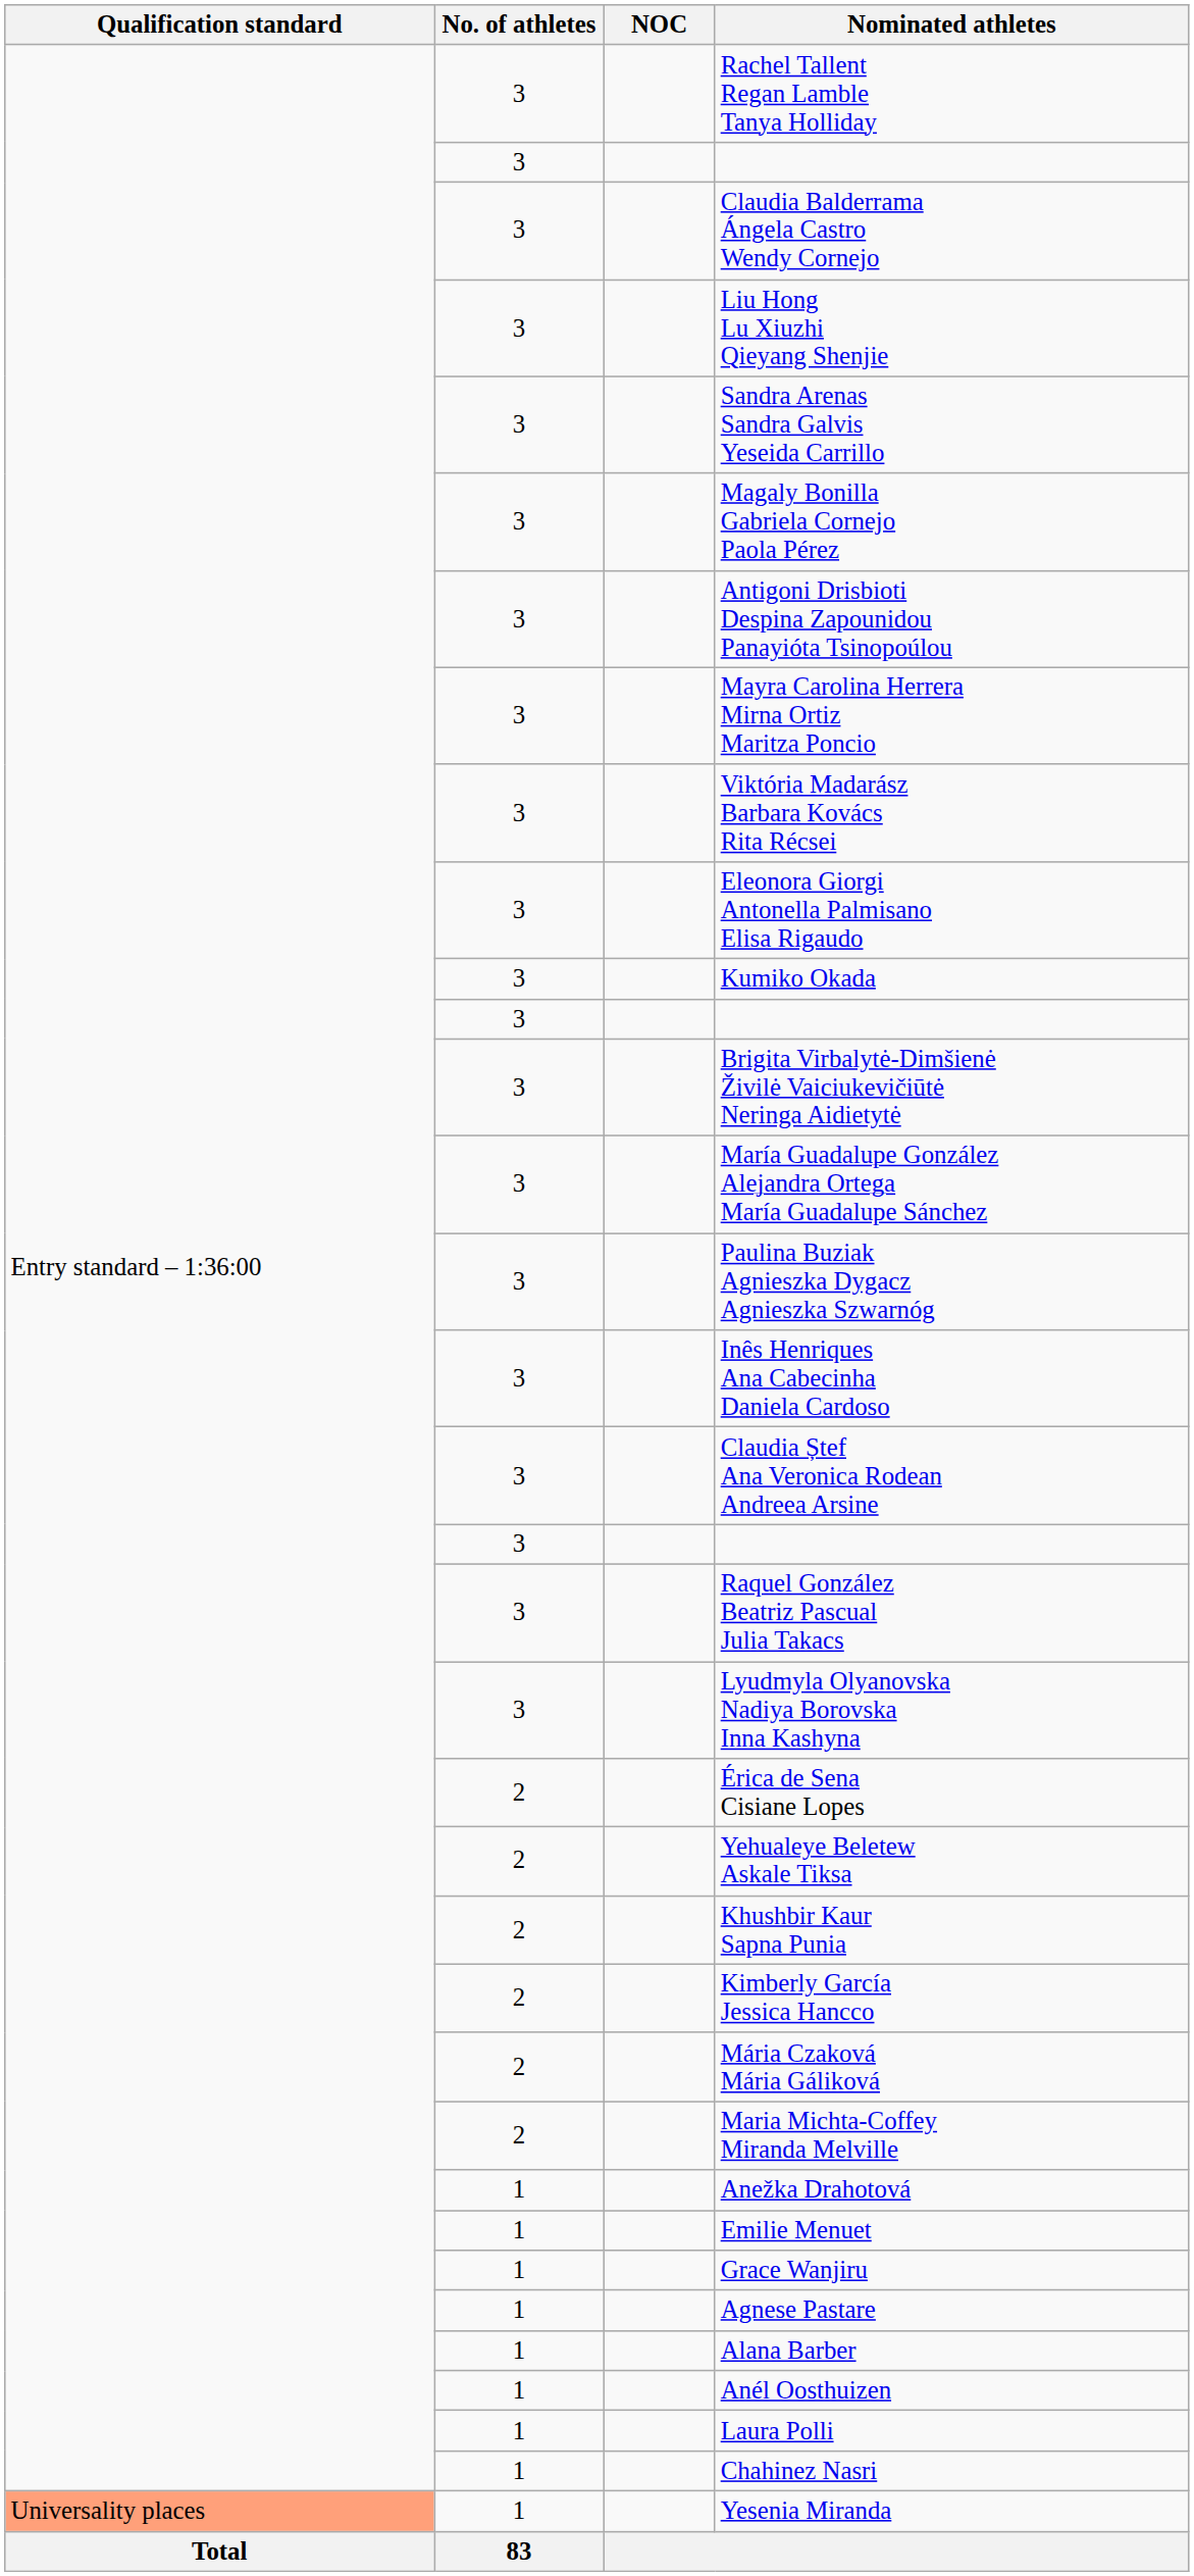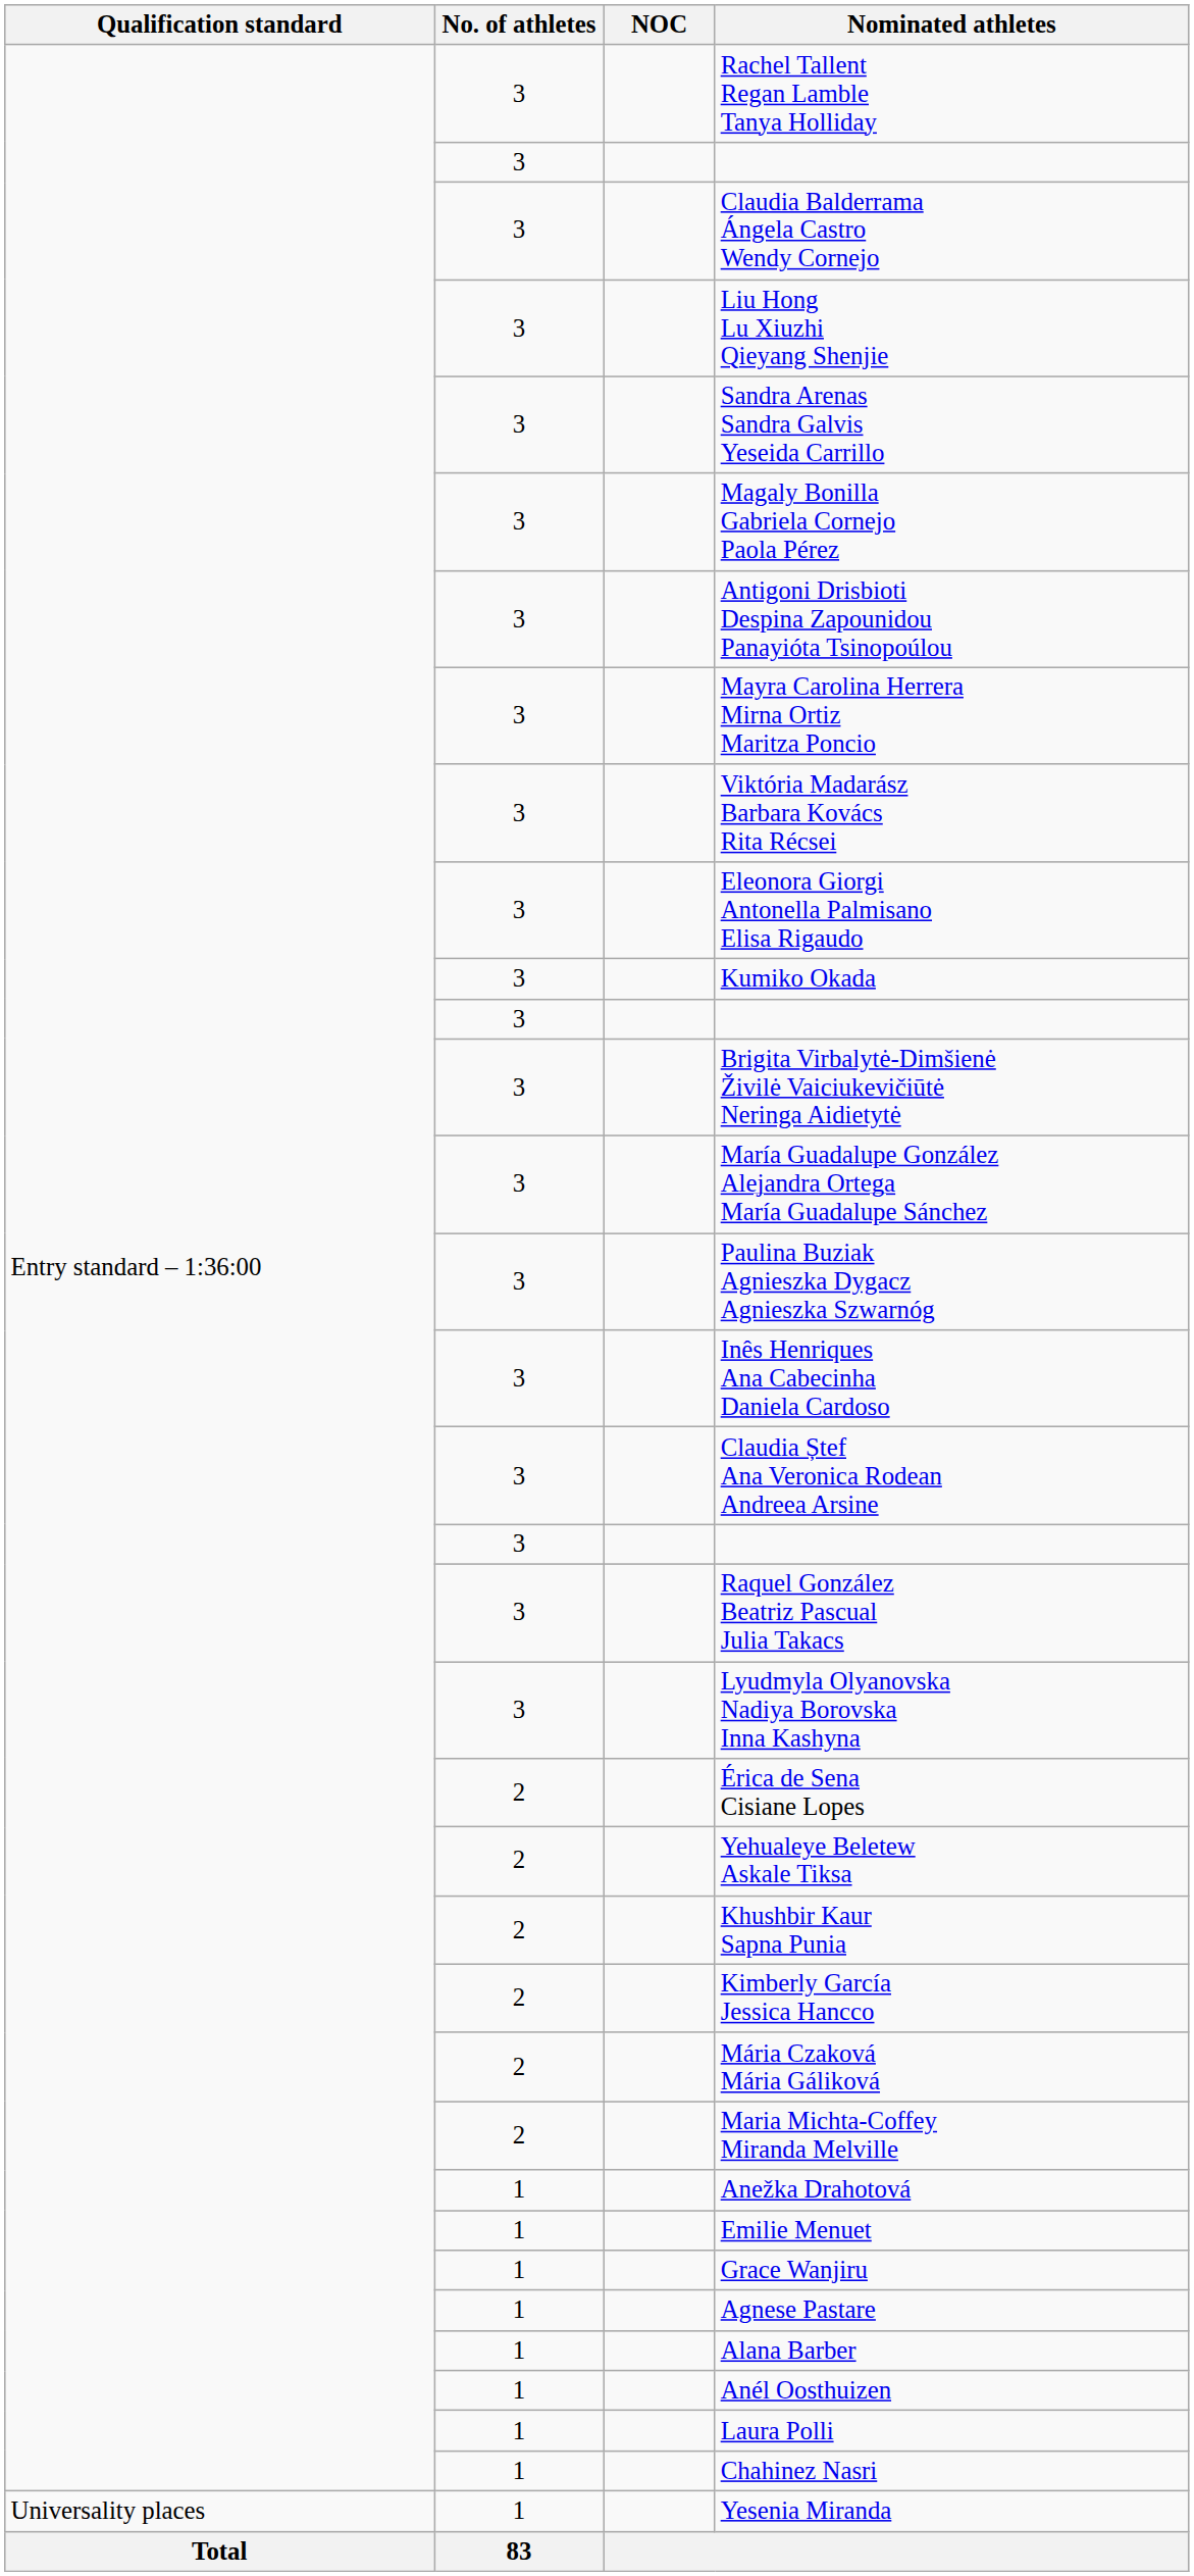 <table class="wikitable"  style="text-align:left; width:750px;">
 <tr>
 <th>Qualification standard</th>
 <th width=100>No. of athletes</th>
 <th>NOC</th>
 <th>Nominated athletes</th>
 </tr>
 <tr>
 <td rowspan=34>Entry standard – 1:36:00</td>
 <td style="text-align:center;">3</td>
 <td></td>
 <td><a href='#'>Rachel Tallent</a><br><a href='#'>Regan Lamble</a><br><a href='#'>Tanya Holliday</a></td>
 </tr>
 <tr>
 <td style="text-align:center;">3</td>
 <td></td>
 <td></td>
 </tr>
 <tr>
 <td style="text-align:center;">3</td>
 <td></td>
 <td><a href='#'>Claudia Balderrama</a><br><a href='#'>Ángela Castro</a><br><a href='#'>Wendy Cornejo</a></td>
 </tr>
 <tr>
 <td style="text-align:center;">3</td>
 <td></td>
 <td><a href='#'>Liu Hong</a><br><a href='#'>Lu Xiuzhi</a><br><a href='#'>Qieyang Shenjie</a></td>
 </tr>
 <tr>
 <td style="text-align:center;">3</td>
 <td></td>
 <td><a href='#'>Sandra Arenas</a><br><a href='#'>Sandra Galvis</a><br><a href='#'>Yeseida Carrillo</a></td>
 </tr>
 <tr>
 <td style="text-align:center;">3</td>
 <td></td>
 <td><a href='#'>Magaly Bonilla</a><br><a href='#'>Gabriela Cornejo</a><br><a href='#'>Paola Pérez</a></td>
 </tr>
 <tr>
 <td style="text-align:center;">3</td>
 <td></td>
 <td><a href='#'>Antigoni Drisbioti</a><br><a href='#'>Despina Zapounidou</a><br><a href='#'>Panayióta Tsinopoúlou</a></td>
 </tr>
 <tr>
 <td style="text-align:center;">3</td>
 <td></td>
 <td><a href='#'>Mayra Carolina Herrera</a><br><a href='#'>Mirna Ortiz</a><br><a href='#'>Maritza Poncio</a></td>
 </tr>
 <tr>
 <td style="text-align:center;">3</td>
 <td></td>
 <td><a href='#'>Viktória Madarász</a><br><a href='#'>Barbara Kovács</a><br><a href='#'>Rita Récsei</a></td>
 </tr>
 <tr>
 <td style="text-align:center;">3</td>
 <td></td>
 <td><a href='#'>Eleonora Giorgi</a><br><a href='#'>Antonella Palmisano</a><br><a href='#'>Elisa Rigaudo</a></td>
 </tr>
 <tr>
 <td style="text-align:center;">3</td>
 <td></td>
 <td><a href='#'>Kumiko Okada</a></td>
 </tr>
 <tr>
 <td style="text-align:center;">3</td>
 <td></td>
 <td></td>
 </tr>
 <tr>
 <td style="text-align:center;">3</td>
 <td></td>
 <td><a href='#'>Brigita Virbalytė-Dimšienė</a><br><a href='#'>Živilė Vaiciukevičiūtė</a><br><a href='#'>Neringa Aidietytė</a></td>
 </tr>
 <tr>
 <td style="text-align:center;">3</td>
 <td></td>
 <td><a href='#'>María Guadalupe González</a><br><a href='#'>Alejandra Ortega</a><br><a href='#'>María Guadalupe Sánchez</a></td>
 </tr>
 <tr>
 <td style="text-align:center;">3</td>
 <td></td>
 <td><a href='#'>Paulina Buziak</a><br><a href='#'>Agnieszka Dygacz</a><br><a href='#'>Agnieszka Szwarnóg</a></td>
 </tr>
 <tr>
 <td style="text-align:center;">3</td>
 <td></td>
 <td><a href='#'>Inês Henriques</a><br><a href='#'>Ana Cabecinha</a><br><a href='#'>Daniela Cardoso</a></td>
 </tr>
 <tr>
 <td style="text-align:center;">3</td>
 <td></td>
 <td><a href='#'>Claudia Ștef</a><br><a href='#'>Ana Veronica Rodean</a><br><a href='#'>Andreea Arsine</a></td>
 </tr>
 <tr>
 <td style="text-align:center;">3</td>
 <td></td>
 <td></td>
 </tr>
 <tr>
 <td style="text-align:center;">3</td>
 <td></td>
 <td><a href='#'>Raquel González</a><br><a href='#'>Beatriz Pascual</a><br><a href='#'>Julia Takacs</a></td>
 </tr>
 <tr>
 <td style="text-align:center;">3</td>
 <td></td>
 <td><a href='#'>Lyudmyla Olyanovska</a><br><a href='#'>Nadiya Borovska</a><br><a href='#'>Inna Kashyna</a></td>
 </tr>
 <tr>
 <td style="text-align:center;">2</td>
 <td></td>
 <td><a href='#'>Érica de Sena</a><br>Cisiane Lopes</td>
 </tr>
 <tr>
 <td style="text-align:center;">2</td>
 <td></td>
 <td><a href='#'>Yehualeye Beletew</a><br><a href='#'>Askale Tiksa</a></td>
 </tr>
 <tr>
 <td style="text-align:center;">2</td>
 <td></td>
 <td><a href='#'>Khushbir Kaur</a><br><a href='#'>Sapna Punia</a></td>
 </tr>
 <tr>
 <td style="text-align:center;">2</td>
 <td></td>
 <td><a href='#'>Kimberly García</a><br><a href='#'>Jessica Hancco</a></td>
 </tr>
 <tr>
 <td style="text-align:center;">2</td>
 <td></td>
 <td><a href='#'>Mária Czaková</a><br><a href='#'>Mária Gáliková</a></td>
 </tr>
 <tr>
 <td style="text-align:center;">2</td>
 <td></td>
 <td><a href='#'>Maria Michta-Coffey</a><br><a href='#'>Miranda Melville</a></td>
 </tr>
 <tr>
 <td style="text-align:center;">1</td>
 <td></td>
 <td><a href='#'>Anežka Drahotová</a></td>
 </tr>
 <tr>
 <td style="text-align:center;">1</td>
 <td></td>
 <td><a href='#'>Emilie Menuet</a></td>
 </tr>
 <tr>
 <td style="text-align:center;">1</td>
 <td></td>
 <td><a href='#'>Grace Wanjiru</a></td>
 </tr>
 <tr>
 <td style="text-align:center;">1</td>
 <td></td>
 <td><a href='#'>Agnese Pastare</a></td>
 </tr>
 <tr>
 <td style="text-align:center;">1</td>
 <td></td>
 <td><a href='#'>Alana Barber</a></td>
 </tr>
 <tr>
 <td style="text-align:center;">1</td>
 <td></td>
 <td><a href='#'>Anél Oosthuizen</a></td>
 </tr>
 <tr>
 <td style="text-align:center;">1</td>
 <td></td>
 <td><a href='#'>Laura Polli</a></td>
 </tr>
 <tr>
 <td style="text-align:center;">1</td>
 <td></td>
 <td><a href='#'>Chahinez Nasri</a></td>
 </tr>
 <tr>
-<td style="background: lightsalmon;">Universality places</td>
+<td>Universality places</td>
 <td style="text-align:center;">1</td>
 <td></td>
 <td><a href='#'>Yesenia Miranda</a></td>
 </tr>
 <tr>
 <th>Total</th>
 <th>83</th>
 <th colspan=2></th>
 </tr>
 </table>
